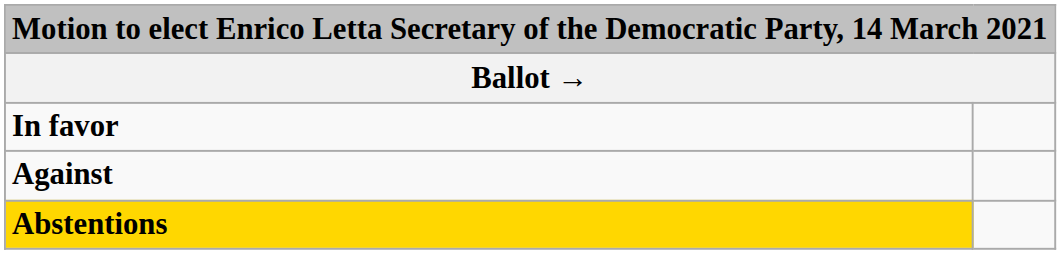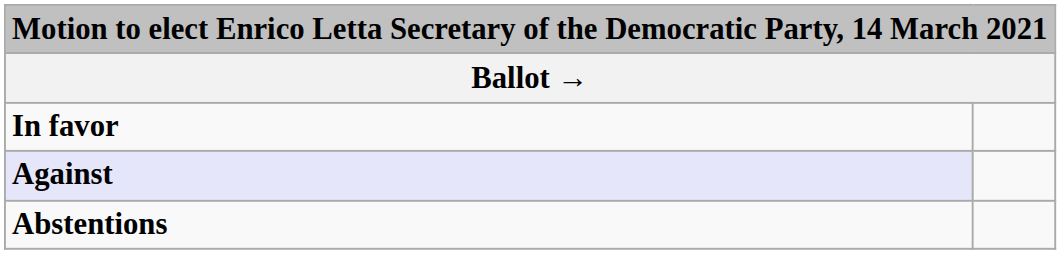 <table class="wikitable" style="text-align:center;">
 <tr>
 <td colspan="3"  style="text-align:center; background:silver;"><strong>Motion to elect Enrico Letta Secretary of the Democratic Party, 14 March 2021</strong></td>
 </tr>
 <tr>
 <th colspan="2" style="width:200px;">Ballot →</th>
 </tr>
 <tr>
 <td style="text-align:left;"><strong>In favor</strong> </td>
 <td></td>
 </tr>
 <tr>
-<td style="text-align:left;"><strong>Against</strong> </td>
+<td style="background: lavender; text-align:left;"><strong>Against</strong> </td>
 <td></td>
 </tr>
 <tr>
-<td style="background: gold; text-align:left;"><strong>Abstentions</strong></td>
+<td style="text-align:left;"><strong>Abstentions</strong></td>
 <td></td>
 </tr>
 </table>
